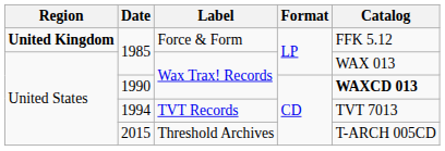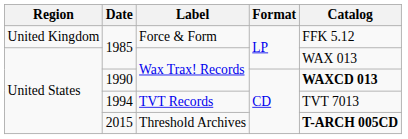 <table class="wikitable">
 <tr>
 <th>Region</th>
 <th>Date</th>
 <th>Label</th>
 <th>Format</th>
 <th>Catalog</th>
 </tr>
 <tr>
-<td><strong>United Kingdom</strong></td>
+<td>United Kingdom</td>
 <td rowspan="2">1985</td>
 <td>Force & Form</td>
 <td rowspan="2"><a href='#'>LP</a></td>
 <td>FFK 5.12</td>
 </tr>
 <tr>
 <td rowspan="4">United States</td>
 <td rowspan="2"><a href='#'>Wax Trax! Records</a></td>
 <td>WAX 013</td>
 </tr>
 <tr>
 <td>1990</td>
 <td rowspan="3"><a href='#'>CD</a></td>
 <td><strong>WAXCD 013</strong></td>
 </tr>
 <tr>
 <td>1994</td>
 <td><a href='#'>TVT Records</a></td>
 <td>TVT 7013</td>
 </tr>
 <tr>
 <td>2015</td>
 <td>Threshold Archives</td>
-<td>T-ARCH 005CD</td>
+<td><strong>T-ARCH 005CD</strong></td>
 </tr>
 </table>
